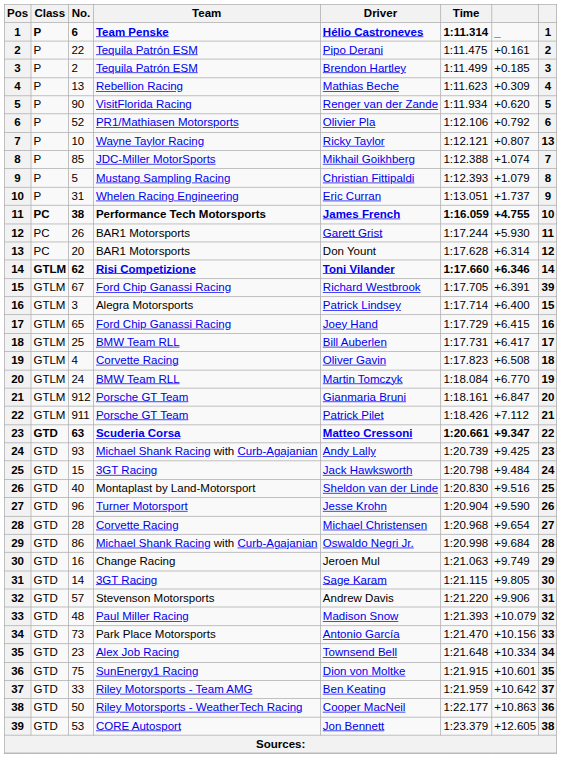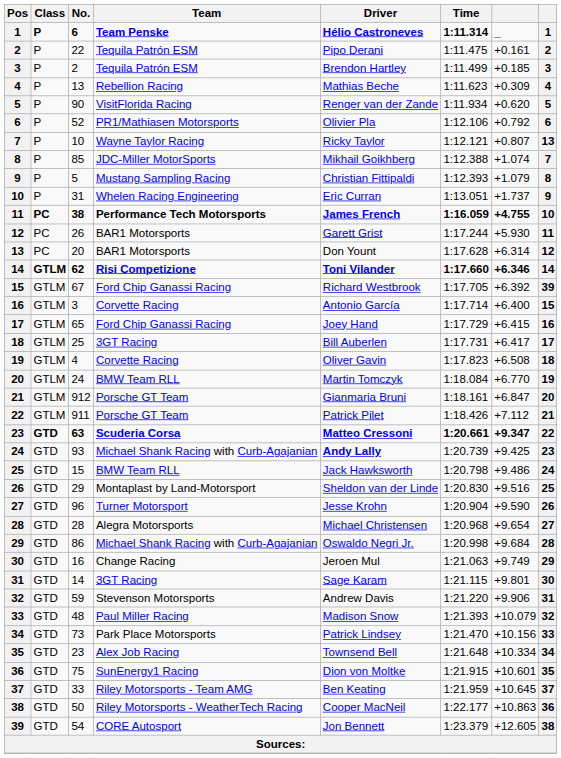 <table class="wikitable">
 <tr>
 <th><strong>Pos</strong></th>
 <th>Class</th>
 <th>No.</th>
 <th>Team</th>
 <th>Driver</th>
 <th>Time</th>
 <th scope="col"></th>
 <th scope="col"></th>
 </tr>
 <tr>
 <th><strong>1</strong></th>
 <td><strong>P</strong></td>
 <td><strong>6</strong></td>
 <td> <strong><a href='#'>Team Penske</a></strong></td>
 <td> <strong><a href='#'>Hélio Castroneves</a></strong></td>
 <td><strong>1:11.314</strong></td>
 <td><strong>_</strong></td>
 <th>1</th>
 </tr>
 <tr>
 <th>2</th>
 <td>P</td>
 <td>22</td>
 <td> <a href='#'>Tequila Patrón ESM</a></td>
 <td> <a href='#'>Pipo Derani</a></td>
 <td>1:11.475</td>
 <td>+0.161</td>
 <th>2</th>
 </tr>
 <tr>
 <th>3</th>
 <td>P</td>
 <td>2</td>
 <td> <a href='#'>Tequila Patrón ESM</a></td>
 <td> <a href='#'>Brendon Hartley</a></td>
 <td>1:11.499</td>
 <td>+0.185</td>
 <th>3</th>
 </tr>
 <tr>
 <th>4</th>
 <td>P</td>
 <td>13</td>
 <td> <a href='#'>Rebellion Racing</a></td>
 <td> <a href='#'>Mathias Beche</a></td>
 <td>1:11.623</td>
 <td>+0.309</td>
 <th>4</th>
 </tr>
 <tr>
 <th>5</th>
 <td>P</td>
 <td>90</td>
 <td> <a href='#'>VisitFlorida Racing</a></td>
 <td> <a href='#'>Renger van der Zande</a></td>
 <td>1:11.934</td>
 <td>+0.620</td>
 <th>5</th>
 </tr>
 <tr>
 <th>6</th>
 <td>P</td>
 <td>52</td>
 <td> <a href='#'>PR1/Mathiasen Motorsports</a></td>
 <td> <a href='#'>Olivier Pla</a></td>
 <td>1:12.106</td>
 <td>+0.792</td>
 <th>6</th>
 </tr>
 <tr>
 <th>7</th>
 <td>P</td>
 <td>10</td>
 <td> <a href='#'>Wayne Taylor Racing</a></td>
 <td> <a href='#'>Ricky Taylor</a></td>
 <td>1:12.121</td>
 <td>+0.807</td>
 <th>13</th>
 </tr>
 <tr>
 <th>8</th>
 <td>P</td>
 <td>85</td>
 <td> <a href='#'>JDC-Miller MotorSports</a></td>
 <td> <a href='#'>Mikhail Goikhberg</a></td>
 <td>1:12.388</td>
 <td>+1.074</td>
 <th>7</th>
 </tr>
 <tr>
 <th>9</th>
 <td>P</td>
 <td>5</td>
 <td> <a href='#'>Mustang Sampling Racing</a></td>
 <td> <a href='#'>Christian Fittipaldi</a></td>
 <td>1:12.393</td>
 <td>+1.079</td>
 <th>8</th>
 </tr>
 <tr>
 <th>10</th>
 <td>P</td>
 <td>31</td>
 <td> <a href='#'>Whelen Racing Engineering</a></td>
 <td> <a href='#'>Eric Curran</a></td>
 <td>1:13.051</td>
 <td>+1.737</td>
 <th>9</th>
 </tr>
 <tr>
 <th><strong>11</strong></th>
 <td><strong>PC</strong></td>
 <td><strong>38</strong></td>
 <td> <strong>Performance Tech Motorsports</strong></td>
 <td> <strong><a href='#'>James French</a></strong></td>
 <td><strong>1:16.059</strong></td>
 <td><strong>+4.755</strong></td>
 <th>10</th>
 </tr>
 <tr>
 <th>12</th>
 <td>PC</td>
 <td>26</td>
 <td> BAR1 Motorsports</td>
 <td> <a href='#'>Garett Grist</a></td>
 <td>1:17.244</td>
 <td>+5.930</td>
 <th>11</th>
 </tr>
 <tr>
 <th>13</th>
 <td>PC</td>
 <td>20</td>
 <td> BAR1 Motorsports</td>
 <td> Don Yount</td>
 <td>1:17.628</td>
 <td>+6.314</td>
 <th>12</th>
 </tr>
 <tr>
 <th><strong>14</strong></th>
 <td><strong>GTLM</strong></td>
 <td><strong>62</strong></td>
 <td> <strong><a href='#'>Risi Competizione</a></strong></td>
 <td> <strong><a href='#'>Toni Vilander</a></strong></td>
 <td><strong>1:17.660</strong></td>
 <td><strong>+6.346</strong></td>
 <th>14</th>
 </tr>
 <tr>
 <th>15</th>
 <td>GTLM</td>
 <td>67</td>
 <td> <a href='#'>Ford Chip Ganassi Racing</a></td>
 <td> <a href='#'>Richard Westbrook</a></td>
 <td>1:17.705</td>
-<td>+6.391</td>
+<td>+6.392</td>
 <th>39</th>
 </tr>
 <tr>
 <th>16</th>
 <td>GTLM</td>
 <td>3</td>
-<td> Alegra Motorsports</td>
-<td> <a href='#'>Patrick Lindsey</a></td>
+<td> <a href='#'>Corvette Racing</a></td>
+<td> <a href='#'>Antonio García</a></td>
 <td>1:17.714</td>
 <td>+6.400</td>
 <th>15</th>
 </tr>
 <tr>
 <th>17</th>
 <td>GTLM</td>
 <td>65</td>
 <td> <a href='#'>Ford Chip Ganassi Racing</a></td>
 <td> <a href='#'>Joey Hand</a></td>
 <td>1:17.729</td>
 <td>+6.415</td>
 <th>16</th>
 </tr>
 <tr>
 <th>18</th>
 <td>GTLM</td>
 <td>25</td>
-<td> <a href='#'>BMW Team RLL</a></td>
+<td> <a href='#'>3GT Racing</a></td>
 <td> <a href='#'>Bill Auberlen</a></td>
 <td>1:17.731</td>
 <td>+6.417</td>
 <th>17</th>
 </tr>
 <tr>
 <th>19</th>
 <td>GTLM</td>
 <td>4</td>
 <td> <a href='#'>Corvette Racing</a></td>
 <td> <a href='#'>Oliver Gavin</a></td>
 <td>1:17.823</td>
 <td>+6.508</td>
 <th>18</th>
 </tr>
 <tr>
 <th>20</th>
 <td>GTLM</td>
 <td>24</td>
 <td> <a href='#'>BMW Team RLL</a></td>
 <td> <a href='#'>Martin Tomczyk</a></td>
 <td>1:18.084</td>
 <td>+6.770</td>
 <th>19</th>
 </tr>
 <tr>
 <th>21</th>
 <td>GTLM</td>
 <td>912</td>
 <td> <a href='#'>Porsche GT Team</a></td>
 <td> <a href='#'>Gianmaria Bruni</a></td>
 <td>1:18.161</td>
 <td>+6.847</td>
 <th>20</th>
 </tr>
 <tr>
 <th>22</th>
 <td>GTLM</td>
 <td>911</td>
 <td> <a href='#'>Porsche GT Team</a></td>
 <td> <a href='#'>Patrick Pilet</a></td>
 <td>1:18.426</td>
 <td>+7.112</td>
 <th>21</th>
 </tr>
 <tr>
 <th><strong>23</strong></th>
 <td><strong>GTD</strong></td>
 <td><strong>63</strong></td>
 <td> <strong><a href='#'>Scuderia Corsa</a></strong></td>
 <td> <strong><a href='#'>Matteo Cressoni</a></strong></td>
 <td><strong>1:20.661</strong></td>
 <td><strong>+9.347</strong></td>
 <th>22</th>
 </tr>
 <tr>
 <th>24</th>
 <td>GTD</td>
 <td>93</td>
 <td> <a href='#'>Michael Shank Racing</a> with <a href='#'>Curb-Agajanian</a></td>
-<td> <a href='#'>Andy Lally</a></td>
+<td><strong> <a href='#'>Andy Lally</a></strong></td>
 <td>1:20.739</td>
 <td>+9.425</td>
 <th>23</th>
 </tr>
 <tr>
 <th>25</th>
 <td>GTD</td>
 <td>15</td>
-<td> <a href='#'>3GT Racing</a></td>
+<td> <a href='#'>BMW Team RLL</a></td>
 <td> <a href='#'>Jack Hawksworth</a></td>
 <td>1:20.798</td>
-<td>+9.484</td>
+<td>+9.486</td>
 <th>24</th>
 </tr>
 <tr>
 <th>26</th>
 <td>GTD</td>
-<td>40</td>
+<td>29</td>
 <td> Montaplast by Land-Motorsport</td>
 <td> <a href='#'>Sheldon van der Linde</a></td>
 <td>1:20.830</td>
 <td>+9.516</td>
 <th>25</th>
 </tr>
 <tr>
 <th>27</th>
 <td>GTD</td>
 <td>96</td>
 <td> <a href='#'>Turner Motorsport</a></td>
 <td> <a href='#'>Jesse Krohn</a></td>
 <td>1:20.904</td>
 <td>+9.590</td>
 <th>26</th>
 </tr>
 <tr>
 <th>28</th>
 <td>GTD</td>
 <td>28</td>
-<td> <a href='#'>Corvette Racing</a></td>
+<td> Alegra Motorsports</td>
 <td> <a href='#'>Michael Christensen</a></td>
 <td>1:20.968</td>
 <td>+9.654</td>
 <th>27</th>
 </tr>
 <tr>
 <th>29</th>
 <td>GTD</td>
 <td>86</td>
 <td> <a href='#'>Michael Shank Racing</a> with <a href='#'>Curb-Agajanian</a></td>
 <td> <a href='#'>Oswaldo Negri Jr.</a></td>
 <td>1:20.998</td>
 <td>+9.684</td>
 <th>28</th>
 </tr>
 <tr>
 <th>30</th>
 <td>GTD</td>
 <td>16</td>
 <td> Change Racing</td>
 <td> Jeroen Mul</td>
 <td>1:21.063</td>
 <td>+9.749</td>
 <th>29</th>
 </tr>
 <tr>
 <th>31</th>
 <td>GTD</td>
 <td>14</td>
 <td> <a href='#'>3GT Racing</a></td>
 <td> <a href='#'>Sage Karam</a></td>
 <td>1:21.115</td>
-<td>+9.805</td>
+<td>+9.801</td>
 <th>30</th>
 </tr>
 <tr>
 <th>32</th>
 <td>GTD</td>
-<td>57</td>
+<td>59</td>
 <td> Stevenson Motorsports</td>
 <td> Andrew Davis</td>
 <td>1:21.220</td>
 <td>+9.906</td>
 <th>31</th>
 </tr>
 <tr>
 <th>33</th>
 <td>GTD</td>
 <td>48</td>
 <td> <a href='#'>Paul Miller Racing</a></td>
 <td> <a href='#'>Madison Snow</a></td>
 <td>1:21.393</td>
 <td>+10.079</td>
 <th>32</th>
 </tr>
 <tr>
 <th>34</th>
 <td>GTD</td>
 <td>73</td>
 <td> Park Place Motorsports</td>
-<td> <a href='#'>Antonio García</a></td>
+<td> <a href='#'>Patrick Lindsey</a></td>
 <td>1:21.470</td>
 <td>+10.156</td>
 <th>33</th>
 </tr>
 <tr>
 <th>35</th>
 <td>GTD</td>
 <td>23</td>
 <td> <a href='#'>Alex Job Racing</a></td>
 <td> <a href='#'>Townsend Bell</a></td>
 <td>1:21.648</td>
 <td>+10.334</td>
 <th>34</th>
 </tr>
 <tr>
 <th>36</th>
 <td>GTD</td>
 <td>75</td>
 <td> <a href='#'>SunEnergy1 Racing</a></td>
 <td> <a href='#'>Dion von Moltke</a></td>
 <td>1:21.915</td>
 <td>+10.601</td>
 <th>35</th>
 </tr>
 <tr>
 <th>37</th>
 <td>GTD</td>
 <td>33</td>
 <td> <a href='#'>Riley Motorsports - Team AMG</a></td>
 <td> <a href='#'>Ben Keating</a></td>
 <td>1:21.959</td>
-<td>+10.642</td>
+<td>+10.645</td>
 <th>37</th>
 </tr>
 <tr>
 <th>38</th>
 <td>GTD</td>
 <td>50</td>
 <td> <a href='#'>Riley Motorsports - WeatherTech Racing</a></td>
 <td> <a href='#'>Cooper MacNeil</a></td>
 <td>1:22.177</td>
 <td>+10.863</td>
 <th>36</th>
 </tr>
 <tr>
 <th>39</th>
 <td>GTD</td>
-<td>53</td>
+<td>54</td>
 <td> <a href='#'>CORE Autosport</a></td>
 <td> <a href='#'>Jon Bennett</a></td>
 <td>1:23.379</td>
 <td>+12.605</td>
 <th>38</th>
 </tr>
 <tr>
 <th colspan="8">Sources:</th>
 </tr>
 <tr>
 </tr>
 </table>
